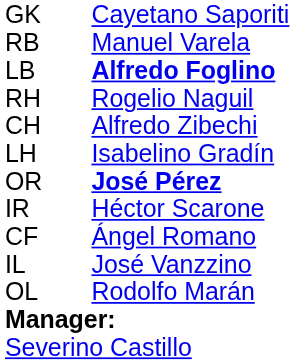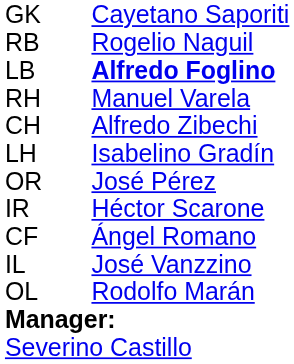 <table cellspacing="0" cellpadding="0" style="font-size:90%; margin:0.2em auto;">
 <tr>
 <th width="25"></th>
 <th width="25"></th>
 </tr>
 <tr>
 <td>GK</td>
 <td></td>
 <td><a href='#'>Cayetano Saporiti</a></td>
 </tr>
 <tr>
 <td>RB</td>
 <td></td>
-<td><a href='#'>Manuel Varela</a></td>
+<td><a href='#'>Rogelio Naguil</a></td>
 </tr>
 <tr>
 <td>LB</td>
 <td></td>
 <td><strong><a href='#'>Alfredo Foglino</a></strong></td>
 </tr>
 <tr>
 <td>RH</td>
 <td></td>
-<td><a href='#'>Rogelio Naguil</a></td>
+<td><a href='#'>Manuel Varela</a></td>
 </tr>
 <tr>
 <td>CH</td>
 <td></td>
 <td><a href='#'>Alfredo Zibechi</a></td>
 </tr>
 <tr>
 <td>LH</td>
 <td></td>
 <td><a href='#'>Isabelino Gradín</a></td>
 </tr>
 <tr>
 <td>OR</td>
 <td></td>
-<td><strong><a href='#'>José Pérez</a></strong></td>
+<td><a href='#'>José Pérez</a></td>
 </tr>
 <tr>
 <td>IR</td>
 <td></td>
 <td><a href='#'>Héctor Scarone</a></td>
 </tr>
 <tr>
 <td>CF</td>
 <td></td>
 <td><a href='#'>Ángel Romano</a></td>
 </tr>
 <tr>
 <td>IL</td>
 <td></td>
 <td><a href='#'>José Vanzzino</a></td>
 </tr>
 <tr>
 <td>OL</td>
 <td></td>
 <td><a href='#'>Rodolfo Marán</a></td>
 </tr>
 <tr>
 <td colspan=5><strong>Manager:</strong></td>
 </tr>
 <tr>
 <td colspan=5><a href='#'>Severino Castillo</a></td>
 </tr>
 </table>
